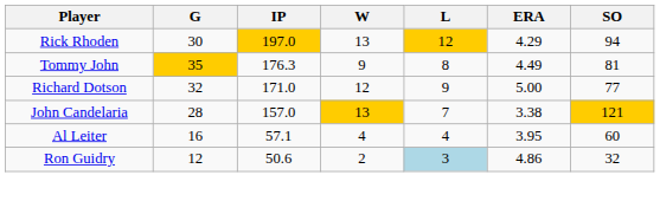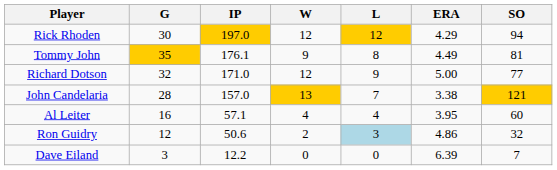 <table class="wikitable sortable">
 <tr>
 <th bgcolor="#DDDDFF" width="16%">Player</th>
 <th bgcolor="#DDDDFF" width="9%">G</th>
 <th bgcolor="#DDDDFF" width="9%">IP</th>
 <th bgcolor="#DDDDFF" width="9%">W</th>
 <th bgcolor="#DDDDFF" width="9%">L</th>
 <th bgcolor="#DDDDFF" width="9%">ERA</th>
 <th bgcolor="#DDDDFF" width="9%">SO</th>
 </tr>
 <tr align="center">
 <td><a href='#'>Rick Rhoden</a></td>
 <td>30</td>
 <td style="background:#fc0;">197.0</td>
-<td>13</td>
+<td>12</td>
 <td style="background:#fc0;">12</td>
 <td>4.29</td>
 <td>94</td>
 </tr>
 <tr align="center">
 <td><a href='#'>Tommy John</a></td>
 <td style="background:#fc0;">35</td>
-<td>176.3</td>
+<td>176.1</td>
 <td>9</td>
 <td>8</td>
 <td>4.49</td>
 <td>81</td>
 </tr>
 <tr align="center">
 <td><a href='#'>Richard Dotson</a></td>
 <td>32</td>
 <td>171.0</td>
 <td>12</td>
 <td>9</td>
 <td>5.00</td>
 <td>77</td>
 </tr>
 <tr align="center">
 <td><a href='#'>John Candelaria</a></td>
 <td>28</td>
 <td>157.0</td>
 <td style="background:#fc0;">13</td>
 <td>7</td>
 <td>3.38</td>
 <td style="background:#fc0;">121</td>
 </tr>
 <tr align="center">
 <td><a href='#'>Al Leiter</a></td>
 <td>16</td>
 <td>57.1</td>
 <td>4</td>
 <td>4</td>
 <td>3.95</td>
 <td>60</td>
 </tr>
 <tr align="center">
 <td><a href='#'>Ron Guidry</a></td>
 <td>12</td>
 <td>50.6</td>
 <td>2</td>
 <td style="background: lightblue;">3</td>
 <td>4.86</td>
 <td>32</td>
 </tr>
+<tr align="center">
+<td><a href='#'>Dave Eiland</a></td>
+<td>3</td>
+<td>12.2</td>
+<td>0</td>
+<td>0</td>
+<td>6.39</td>
+<td>7</td>
+</tr>
 </table>
